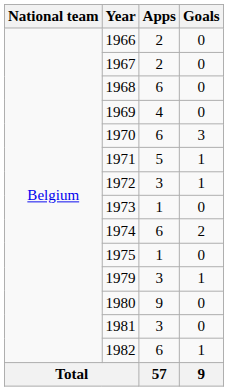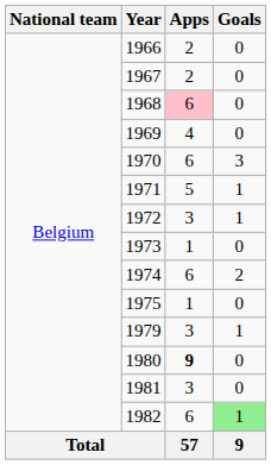 <table class="wikitable" style="text-align:center">
 <tr>
 <th>National team</th>
 <th>Year</th>
 <th>Apps</th>
 <th>Goals</th>
 </tr>
 <tr>
 <td rowspan="14"><a href='#'>Belgium</a></td>
 <td>1966</td>
 <td>2</td>
 <td>0</td>
 </tr>
 <tr>
 <td>1967</td>
 <td>2</td>
 <td>0</td>
 </tr>
 <tr>
 <td>1968</td>
-<td>6</td>
+<td style="background: pink;">6</td>
 <td>0</td>
 </tr>
 <tr>
 <td>1969</td>
 <td>4</td>
 <td>0</td>
 </tr>
 <tr>
 <td>1970</td>
 <td>6</td>
 <td>3</td>
 </tr>
 <tr>
 <td>1971</td>
 <td>5</td>
 <td>1</td>
 </tr>
 <tr>
 <td>1972</td>
 <td>3</td>
 <td>1</td>
 </tr>
 <tr>
 <td>1973</td>
 <td>1</td>
 <td>0</td>
 </tr>
 <tr>
 <td>1974</td>
 <td>6</td>
 <td>2</td>
 </tr>
 <tr>
 <td>1975</td>
 <td>1</td>
 <td>0</td>
 </tr>
 <tr>
 <td>1979</td>
 <td>3</td>
 <td>1</td>
 </tr>
 <tr>
 <td>1980</td>
-<td>9</td>
+<td><strong>9</strong></td>
 <td>0</td>
 </tr>
 <tr>
 <td>1981</td>
 <td>3</td>
 <td>0</td>
 </tr>
 <tr>
 <td>1982</td>
 <td>6</td>
-<td>1</td>
+<td style="background: lightgreen;">1</td>
 </tr>
 <tr>
 <th colspan="2">Total</th>
 <th>57</th>
 <th>9</th>
 </tr>
 </table>
